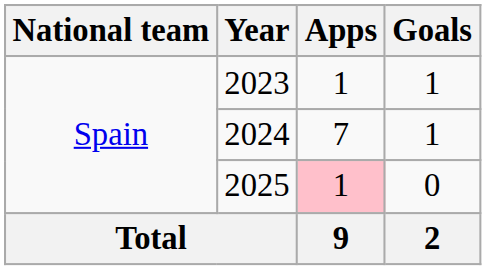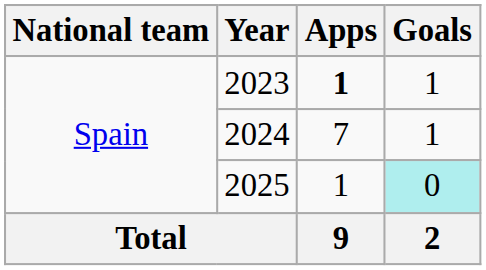 <table class="wikitable" style="text-align: center;">
 <tr>
 <th>National team</th>
 <th>Year</th>
 <th>Apps</th>
 <th>Goals</th>
 </tr>
 <tr>
 <td rowspan="3"><a href='#'>Spain</a></td>
 <td>2023</td>
-<td>1</td>
+<td><strong>1</strong></td>
 <td>1</td>
 </tr>
 <tr>
 <td>2024</td>
 <td>7</td>
 <td>1</td>
 </tr>
 <tr>
 <td>2025</td>
-<td style="background: pink;">1</td>
-<td>0</td>
+<td>1</td>
+<td style="background: paleturquoise;">0</td>
 </tr>
 <tr>
 <th colspan="2">Total</th>
 <th>9</th>
 <th>2</th>
 </tr>
 </table>
